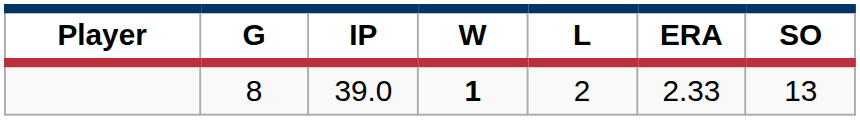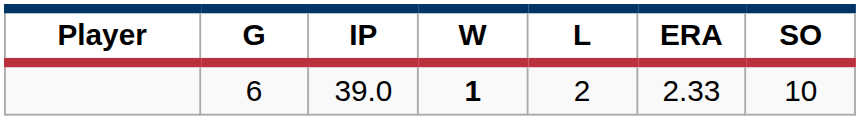 <table class="wikitable sortable">
 <tr>
 <th style="background:#FFFFFF; border-top:#023465 5px solid; border-bottom:#ba313c 5px solid;" width="16%">Player</th>
 <th style="background:#FFFFFF; border-top:#023465 5px solid; border-bottom:#ba313c 5px solid;" width="9%">G</th>
 <th style="background:#FFFFFF; border-top:#023465 5px solid; border-bottom:#ba313c 5px solid;" width="9%">IP</th>
 <th style="background:#FFFFFF; border-top:#023465 5px solid; border-bottom:#ba313c 5px solid;" width="9%">W</th>
 <th style="background:#FFFFFF; border-top:#023465 5px solid; border-bottom:#ba313c 5px solid;" width="9%">L</th>
 <th style="background:#FFFFFF; border-top:#023465 5px solid; border-bottom:#ba313c 5px solid;" width="9%">ERA</th>
 <th style="background:#FFFFFF; border-top:#023465 5px solid; border-bottom:#ba313c 5px solid;" width="9%">SO</th>
 </tr>
 <tr align="center">
 <td></td>
-<td>8</td>
+<td>6</td>
 <td>39.0</td>
 <td><strong>1</strong></td>
 <td>2</td>
 <td>2.33</td>
-<td>13</td>
+<td>10</td>
 </tr>
 </table>
